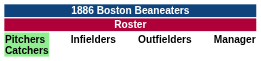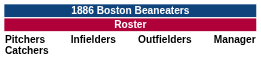 <table class="toccolours" style="font-size: 95%;">
 <tr>
 <th colspan="10" style="background-color: #0f437c; color: white; text-align: center;">1886 Boston Beaneaters</th>
 </tr>
 <tr>
 <td colspan="10" style="background-color: #af0039; color: white; text-align: center;"><strong>Roster</strong></td>
 </tr>
 <tr>
-<td valign="top" style="background: lightgreen;"><strong>Pitchers</strong><br>   <strong>Catchers</strong>    </td>
+<td valign="top"><strong>Pitchers</strong><br>   <strong>Catchers</strong>    </td>
 <td width="25px"></td>
 <td valign="top"><strong>Infielders</strong><br>     </td>
 <td width="25px"></td>
 <td valign="top"><strong>Outfielders</strong><br>   </td>
 <td width="25px"></td>
 <td valign="top"><strong>Manager</strong><br></td>
 </tr>
 </table>
